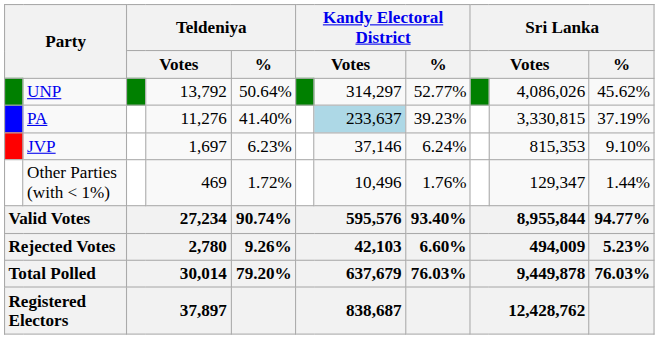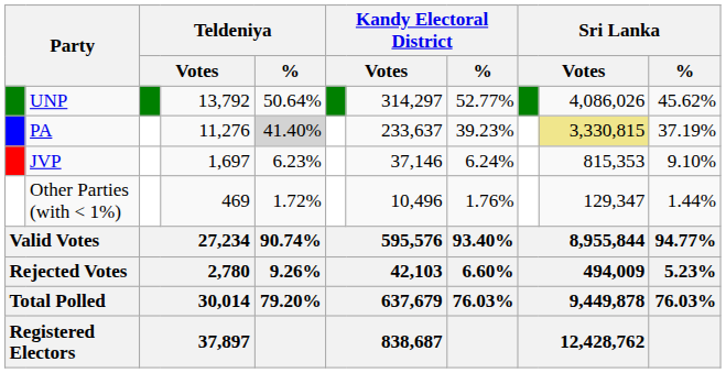 <table class="wikitable">
 <tr>
 <th colspan="2" width="144px"rowspan="2">Party</th>
 <th colspan="3" width="216px">Teldeniya</th>
 <th colspan="3" width="216px"><a href='#'>Kandy Electoral District</a></th>
 <th colspan="3" width="216px">Sri Lanka</th>
 </tr>
 <tr>
 <th colspan="2" width="144px">Votes</th>
 <th>%</th>
 <th colspan="2" width="144px">Votes</th>
 <th>%</th>
 <th colspan="2" width="144px">Votes</th>
 <th>%</th>
 </tr>
 <tr>
 <td style="background-color:green;" width="10px"></td>
 <td style="text-align:left;"><a href='#'>UNP</a></td>
 <td style="background-color:green;" width="10px"></td>
 <td style="text-align:right;">13,792</td>
 <td style="text-align:right;">50.64%</td>
 <td style="background-color:green;" width="10px"></td>
 <td style="text-align:right;">314,297</td>
 <td style="text-align:right;">52.77%</td>
 <td style="background-color:green;" width="10px"></td>
 <td style="text-align:right;">4,086,026</td>
 <td style="text-align:right;">45.62%</td>
 </tr>
 <tr>
 <td style="background-color:blue;" width="10px"></td>
 <td style="text-align:left;"><a href='#'>PA</a></td>
 <td style="background-color:white;" width="10px"></td>
 <td style="text-align:right;">11,276</td>
-<td style="text-align:right;">41.40%</td>
+<td style="background: lightgrey; text-align:right;">41.40%</td>
 <td style="background-color:white;" width="10px"></td>
-<td style="background: lightblue; text-align:right;">233,637</td>
+<td style="text-align:right;">233,637</td>
 <td style="text-align:right;">39.23%</td>
 <td style="background-color:white;" width="10px"></td>
-<td style="text-align:right;">3,330,815</td>
+<td style="background: khaki; text-align:right;">3,330,815</td>
 <td style="text-align:right;">37.19%</td>
 </tr>
 <tr>
 <td style="background-color:red;" width="10px"></td>
 <td style="text-align:left;"><a href='#'>JVP</a></td>
 <td style="background-color:white;" width="10px"></td>
 <td style="text-align:right;">1,697</td>
 <td style="text-align:right;">6.23%</td>
 <td style="background-color:white;" width="10px"></td>
 <td style="text-align:right;">37,146</td>
 <td style="text-align:right;">6.24%</td>
 <td style="background-color:white;" width="10px"></td>
 <td style="text-align:right;">815,353</td>
 <td style="text-align:right;">9.10%</td>
 </tr>
 <tr>
 <td style="background-color:white;" width="10px"></td>
 <td style="text-align:left;">Other Parties (with < 1%)</td>
 <td style="background-color:white;" width="10px"></td>
 <td style="text-align:right;">469</td>
 <td style="text-align:right;">1.72%</td>
 <td style="background-color:white;" width="10px"></td>
 <td style="text-align:right;">10,496</td>
 <td style="text-align:right;">1.76%</td>
 <td style="background-color:white;" width="10px"></td>
 <td style="text-align:right;">129,347</td>
 <td style="text-align:right;">1.44%</td>
 </tr>
 <tr>
 <th colspan="2" width="144px"style="text-align:left;">Valid Votes</th>
 <th style="text-align:right;"colspan="2" width="144px">27,234</th>
 <th style="text-align:right;">90.74%</th>
 <th style="text-align:right;"colspan="2" width="144px">595,576</th>
 <th style="text-align:right;">93.40%</th>
 <th style="text-align:right;"colspan="2" width="144px">8,955,844</th>
 <th style="text-align:right;">94.77%</th>
 </tr>
 <tr>
 <th colspan="2" width="144px"style="text-align:left;">Rejected Votes</th>
 <th style="text-align:right;"colspan="2" width="144px">2,780</th>
 <th style="text-align:right;">9.26%</th>
 <th style="text-align:right;"colspan="2" width="144px">42,103</th>
 <th style="text-align:right;">6.60%</th>
 <th style="text-align:right;"colspan="2" width="144px">494,009</th>
 <th style="text-align:right;">5.23%</th>
 </tr>
 <tr>
 <th colspan="2" width="144px"style="text-align:left;">Total Polled</th>
 <th style="text-align:right;"colspan="2" width="144px">30,014</th>
 <th style="text-align:right;">79.20%</th>
 <th style="text-align:right;"colspan="2" width="144px">637,679</th>
 <th style="text-align:right;">76.03%</th>
 <th style="text-align:right;"colspan="2" width="144px">9,449,878</th>
 <th style="text-align:right;">76.03%</th>
 </tr>
 <tr>
 <th colspan="2" width="144px"style="text-align:left;">Registered Electors</th>
 <th style="text-align:right;"colspan="2" width="144px">37,897</th>
 <th></th>
 <th style="text-align:right;"colspan="2" width="144px">838,687</th>
 <th></th>
 <th style="text-align:right;"colspan="2" width="144px">12,428,762</th>
 <th></th>
 </tr>
 </table>
